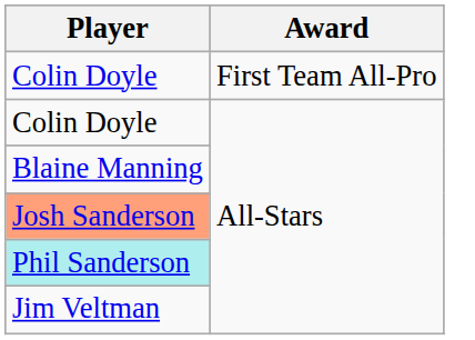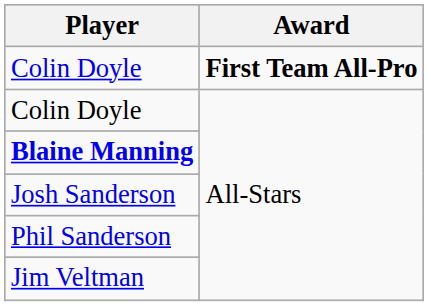 <table class="wikitable">
 <tr>
 <th>Player</th>
 <th>Award</th>
 </tr>
 <tr>
 <td><a href='#'>Colin Doyle</a></td>
-<td>First Team All-Pro</td>
+<td><strong>First Team All-Pro</strong></td>
 </tr>
 <tr>
 <td>Colin Doyle</td>
 <td rowspan=5>All-Stars</td>
 </tr>
 <tr>
-<td><a href='#'>Blaine Manning</a></td>
+<td><strong><a href='#'>Blaine Manning</a></strong></td>
 </tr>
 <tr>
-<td style="background: lightsalmon;"><a href='#'>Josh Sanderson</a></td>
+<td><a href='#'>Josh Sanderson</a></td>
 </tr>
 <tr>
-<td style="background: paleturquoise;"><a href='#'>Phil Sanderson</a></td>
+<td><a href='#'>Phil Sanderson</a></td>
 </tr>
 <tr>
 <td><a href='#'>Jim Veltman</a></td>
 </tr>
 </table>
